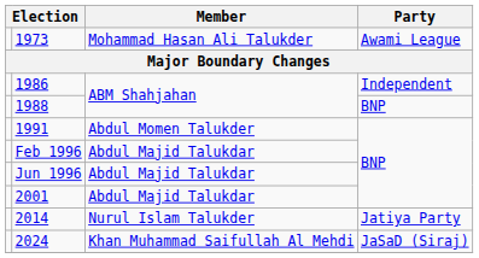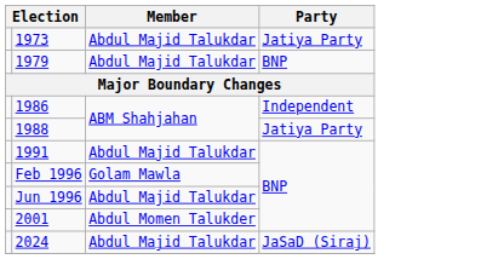 <table class="wikitable">
 <tr>
 <th colspan="2">Election</th>
 <th>Member</th>
 <th>Party</th>
 </tr>
 <tr>
 <td style="background-color:"></td>
 <td><a href='#'>1973</a></td>
-<td><a href='#'>Mohammad Hasan Ali Talukder</a></td>
-<td><a href='#'>Awami League</a></td>
+<td><a href='#'>Abdul Majid Talukdar</a></td>
+<td><a href='#'>Jatiya Party</a></td>
+</tr>
+<tr>
+<td style="background-color:"></td>
+<td><a href='#'>1979</a></td>
+<td><a href='#'>Abdul Majid Talukdar</a></td>
+<td><a href='#'>BNP</a></td>
 </tr>
 <tr>
 <th colspan="4">Major Boundary Changes</th>
 </tr>
 <tr>
 <td style="background-color:"></td>
 <td><a href='#'>1986</a></td>
 <td rowspan="2"><a href='#'>ABM Shahjahan</a></td>
 <td><a href='#'>Independent</a></td>
 </tr>
 <tr>
 <td style="background-color:"></td>
 <td><a href='#'>1988</a></td>
-<td><a href='#'>BNP</a></td>
+<td><a href='#'>Jatiya Party</a></td>
 </tr>
 <tr>
 <td style="background-color:"></td>
 <td><a href='#'>1991</a></td>
-<td><a href='#'>Abdul Momen Talukder</a></td>
+<td><a href='#'>Abdul Majid Talukdar</a></td>
 <td rowspan="4"><a href='#'>BNP</a></td>
 </tr>
 <tr>
 <td style="background-color:"></td>
 <td><a href='#'>Feb 1996</a></td>
-<td><a href='#'>Abdul Majid Talukdar</a></td>
+<td><a href='#'>Golam Mawla</a></td>
 </tr>
 <tr>
 <td style="background-color:"></td>
 <td><a href='#'>Jun 1996</a></td>
 <td><a href='#'>Abdul Majid Talukdar</a></td>
 </tr>
 <tr>
 <td style="background-color:"></td>
 <td><a href='#'>2001</a></td>
-<td><a href='#'>Abdul Majid Talukdar</a></td>
-</tr>
-<tr>
-<td style="background-color:"></td>
-<td><a href='#'>2014</a></td>
-<td><a href='#'>Nurul Islam Talukder</a></td>
-<td><a href='#'>Jatiya Party</a></td>
+<td><a href='#'>Abdul Momen Talukder</a></td>
 </tr>
 <tr>
 <td style="background-color:"></td>
 <td><a href='#'>2024</a></td>
-<td><a href='#'>Khan Muhammad Saifullah Al Mehdi</a></td>
+<td><a href='#'>Abdul Majid Talukdar</a></td>
 <td><a href='#'>JaSaD (Siraj)</a></td>
 </tr>
 <tr>
 </tr>
 </table>
